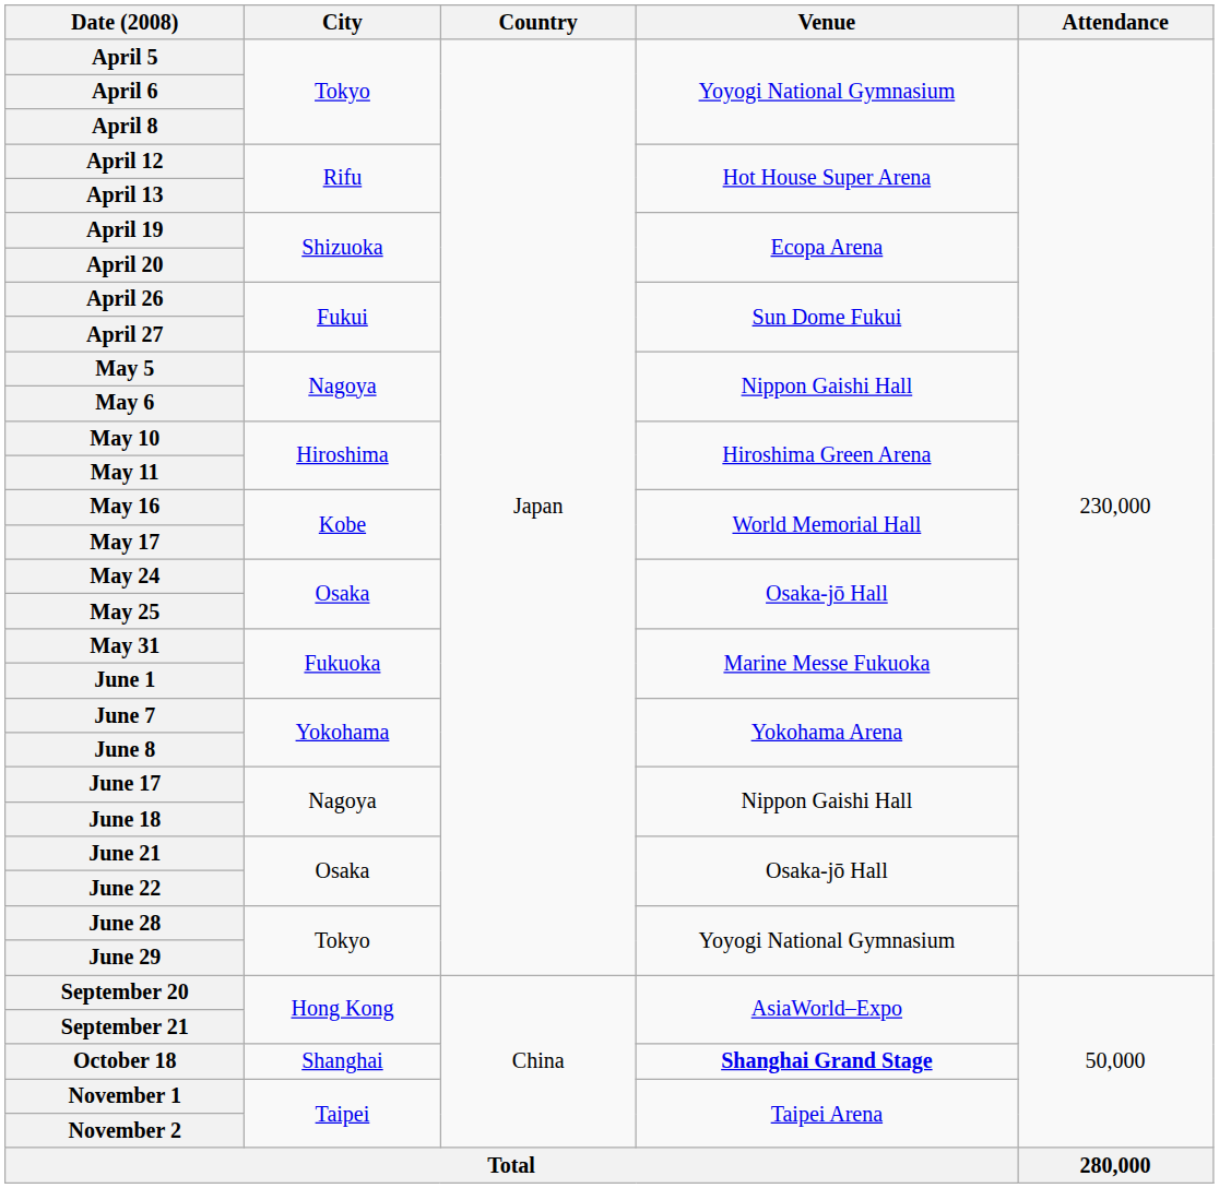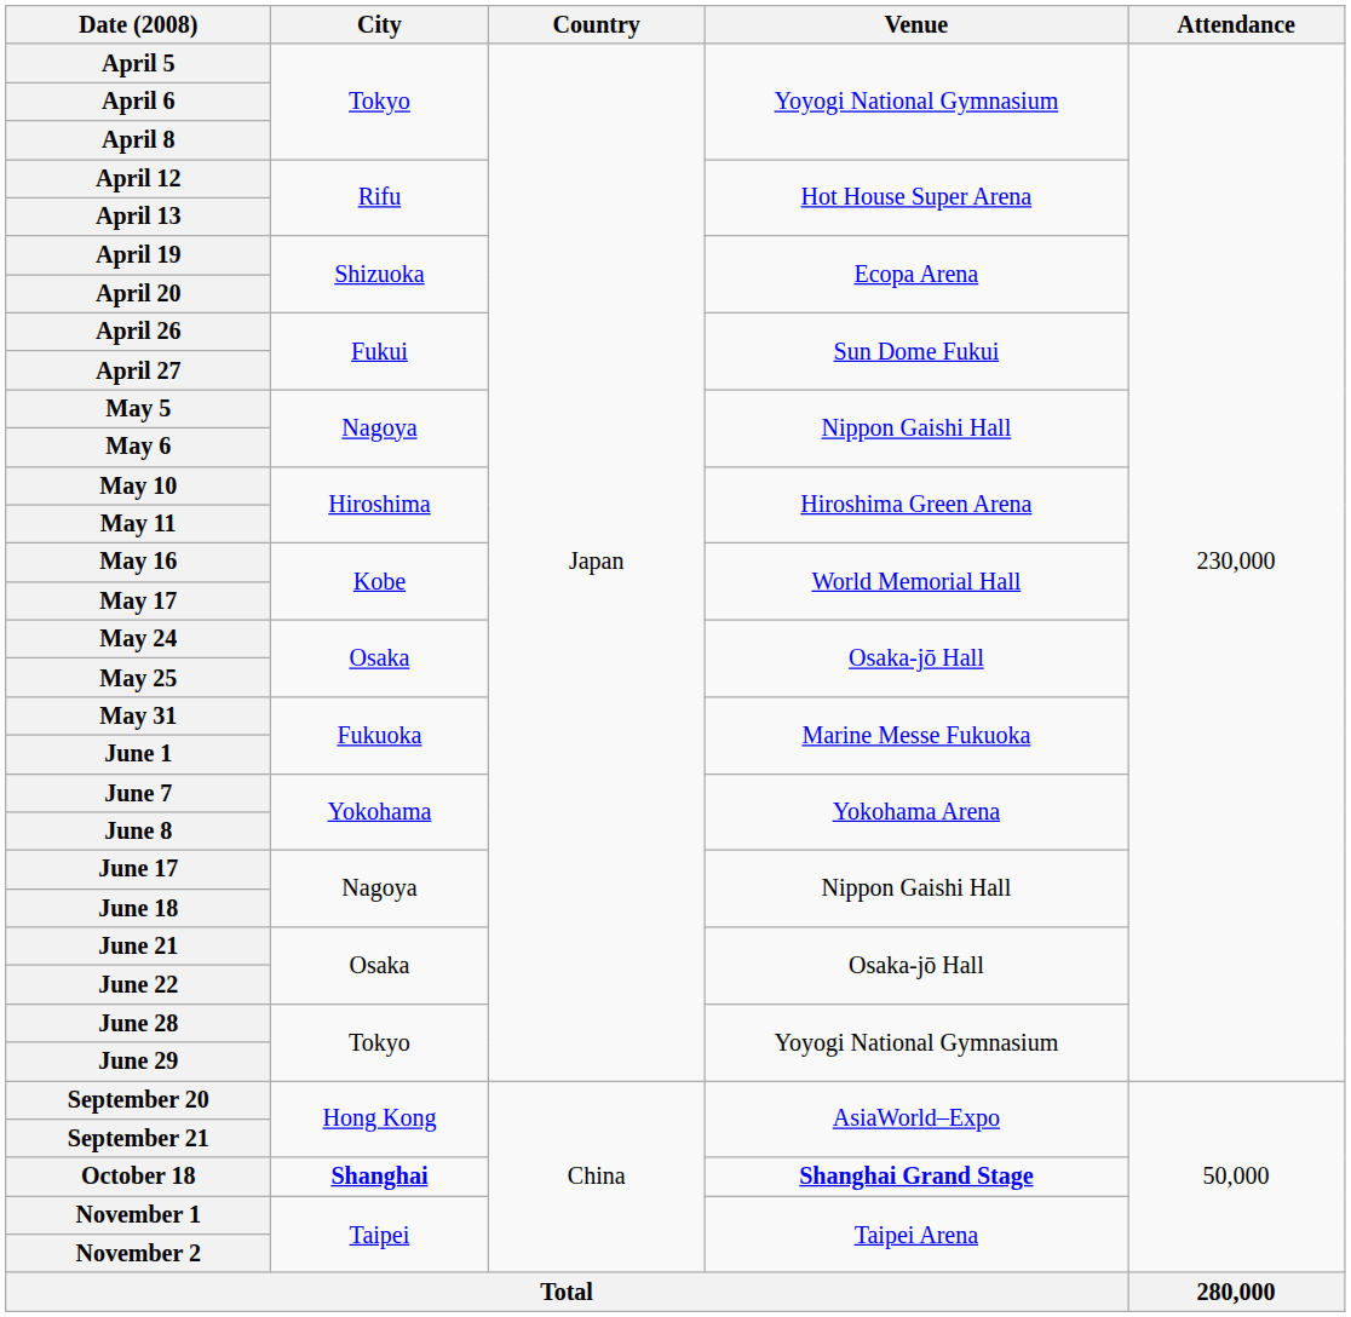 <table class="wikitable plainrowheaders" style="text-align:center;">
 <tr>
 <th scope="col" style="width:10.5em;">Date (2008)</th>
 <th scope="col" style="width:8.5em;">City</th>
 <th scope="col" style="width:8.5em;">Country</th>
 <th scope="col" style="width:17em;">Venue</th>
 <th scope="col" style="width:8.5em;">Attendance</th>
 </tr>
 <tr>
 <th scope="row" style="text-align:center;">April 5</th>
 <td rowspan="3"><a href='#'>Tokyo</a></td>
 <td rowspan="27">Japan</td>
 <td rowspan="3"><a href='#'>Yoyogi National Gymnasium</a></td>
 <td rowspan="27">230,000</td>
 </tr>
 <tr>
 <th scope="row" style="text-align:center;">April 6</th>
 </tr>
 <tr>
 <th scope="row" style="text-align:center;">April 8</th>
 </tr>
 <tr>
 <th scope="row" style="text-align:center;">April 12</th>
 <td rowspan="2"><a href='#'>Rifu</a></td>
 <td rowspan="2"><a href='#'>Hot House Super Arena</a></td>
 </tr>
 <tr>
 <th scope="row" style="text-align:center;">April 13</th>
 </tr>
 <tr>
 <th scope="row" style="text-align:center;">April 19</th>
 <td rowspan="2"><a href='#'>Shizuoka</a></td>
 <td rowspan="2"><a href='#'>Ecopa Arena</a></td>
 </tr>
 <tr>
 <th scope="row" style="text-align:center;">April 20</th>
 </tr>
 <tr>
 <th scope="row" style="text-align:center;">April 26</th>
 <td rowspan="2"><a href='#'>Fukui</a></td>
 <td rowspan="2"><a href='#'>Sun Dome Fukui</a></td>
 </tr>
 <tr>
 <th scope="row" style="text-align:center;">April 27</th>
 </tr>
 <tr>
 <th scope="row" style="text-align:center;">May 5</th>
 <td rowspan="2"><a href='#'>Nagoya</a></td>
 <td rowspan="2"><a href='#'>Nippon Gaishi Hall</a></td>
 </tr>
 <tr>
 <th scope="row" style="text-align:center;">May 6</th>
 </tr>
 <tr>
 <th scope="row" style="text-align:center;">May 10</th>
 <td rowspan="2"><a href='#'>Hiroshima</a></td>
 <td rowspan="2"><a href='#'>Hiroshima Green Arena</a></td>
 </tr>
 <tr>
 <th scope="row" style="text-align:center;">May 11</th>
 </tr>
 <tr>
 <th scope="row" style="text-align:center;">May 16</th>
 <td rowspan="2"><a href='#'>Kobe</a></td>
 <td rowspan="2"><a href='#'>World Memorial Hall</a></td>
 </tr>
 <tr>
 <th scope="row" style="text-align:center;">May 17</th>
 </tr>
 <tr>
 <th scope="row" style="text-align:center;">May 24</th>
 <td rowspan="2"><a href='#'>Osaka</a></td>
 <td rowspan="2"><a href='#'>Osaka-jō Hall</a></td>
 </tr>
 <tr>
 <th scope="row" style="text-align:center;">May 25</th>
 </tr>
 <tr>
 <th scope="row" style="text-align:center;">May 31</th>
 <td rowspan="2"><a href='#'>Fukuoka</a></td>
 <td rowspan="2"><a href='#'>Marine Messe Fukuoka</a></td>
 </tr>
 <tr>
 <th scope="row" style="text-align:center;">June 1</th>
 </tr>
 <tr>
 <th scope="row" style="text-align:center;">June 7</th>
 <td rowspan="2"><a href='#'>Yokohama</a></td>
 <td rowspan="2"><a href='#'>Yokohama Arena</a></td>
 </tr>
 <tr>
 <th scope="row" style="text-align:center;">June 8</th>
 </tr>
 <tr>
 <th scope="row" style="text-align:center;">June 17</th>
 <td rowspan="2">Nagoya</td>
 <td rowspan="2">Nippon Gaishi Hall</td>
 </tr>
 <tr>
 <th scope="row" style="text-align:center;">June 18</th>
 </tr>
 <tr>
 <th scope="row" style="text-align:center;">June 21</th>
 <td rowspan="2">Osaka</td>
 <td rowspan="2">Osaka-jō Hall</td>
 </tr>
 <tr>
 <th scope="row" style="text-align:center;">June 22</th>
 </tr>
 <tr>
 <th scope="row" style="text-align:center;">June 28</th>
 <td rowspan="2">Tokyo</td>
 <td rowspan="2">Yoyogi National Gymnasium</td>
 </tr>
 <tr>
 <th scope="row" style="text-align:center;">June 29</th>
 </tr>
 <tr>
 <th scope="row" style="text-align:center;">September 20</th>
 <td rowspan="2"><a href='#'>Hong Kong</a></td>
 <td rowspan="5">China</td>
 <td rowspan="2"><a href='#'>AsiaWorld–Expo</a></td>
 <td rowspan="5">50,000</td>
 </tr>
 <tr>
 <th scope="row" style="text-align:center;">September 21</th>
 </tr>
 <tr>
 <th scope="row" style="text-align:center;">October 18</th>
-<td><a href='#'>Shanghai</a></td>
+<td><strong><a href='#'>Shanghai</a></strong></td>
 <td><strong><a href='#'>Shanghai Grand Stage</a></strong></td>
 </tr>
 <tr>
 <th scope="row" style="text-align:center;">November 1</th>
 <td rowspan="2"><a href='#'>Taipei</a></td>
 <td rowspan="2"><a href='#'>Taipei Arena</a></td>
 </tr>
 <tr>
 <th scope="row" style="text-align:center;">November 2</th>
 </tr>
 <tr>
 <th colspan="4">Total</th>
 <th>280,000</th>
 </tr>
 </table>
